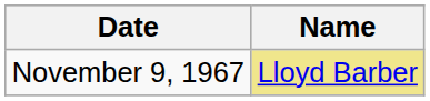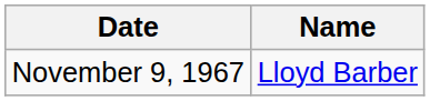 <table class="wikitable">
 <tr>
 <th>Date</th>
 <th>Name</th>
 </tr>
 <tr>
 <td>November 9, 1967</td>
-<td style="background: khaki;"><a href='#'>Lloyd Barber</a></td>
+<td><a href='#'>Lloyd Barber</a></td>
 </tr>
 </table>
